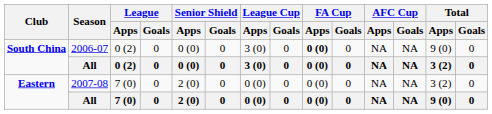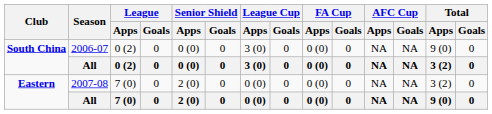 <table class="wikitable" style="text-align: center;">
 <tr>
 <th rowspan="2">Club</th>
 <th rowspan="2">Season</th>
 <th colspan="2"><a href='#'>League</a></th>
 <th colspan="2"><a href='#'>Senior Shield</a></th>
 <th colspan="2"><a href='#'>League Cup</a></th>
 <th colspan="2"><a href='#'>FA Cup</a></th>
 <th colspan="2"><a href='#'>AFC Cup</a></th>
 <th colspan="2">Total</th>
 </tr>
 <tr>
 <th>Apps</th>
 <th>Goals</th>
 <th>Apps</th>
 <th>Goals</th>
 <th>Apps</th>
 <th>Goals</th>
 <th>Apps</th>
 <th>Goals</th>
 <th>Apps</th>
 <th>Goals</th>
 <th>Apps</th>
 <th>Goals</th>
 </tr>
 <tr>
 <td rowspan="2" valign="top"><strong><a href='#'>South China</a></strong></td>
 <td><a href='#'>2006-07</a></td>
 <td>0 (2)</td>
 <td>0</td>
 <td>0 (0)</td>
 <td>0</td>
 <td>3 (0)</td>
 <td>0</td>
-<td><strong>0 (0)</strong></td>
+<td>0 (0)</td>
 <td>0</td>
 <td>NA</td>
 <td>NA</td>
 <td>9 (0)</td>
 <td>0</td>
 </tr>
 <tr>
 <th>All</th>
 <th>0 (2)</th>
 <th>0</th>
 <th>0 (0)</th>
 <th>0</th>
 <th>3 (0)</th>
 <th>0</th>
 <th>0 (0)</th>
 <th>0</th>
 <th>NA</th>
 <th>NA</th>
 <th>3 (2)</th>
 <th>0</th>
 </tr>
 <tr>
 <td rowspan="2" valign="top"><strong><a href='#'>Eastern</a></strong></td>
 <td><a href='#'>2007-08</a></td>
 <td>7 (0)</td>
 <td>0</td>
 <td>2 (0)</td>
 <td>0</td>
 <td>0 (0)</td>
 <td>0</td>
 <td>0 (0)</td>
 <td>0</td>
 <td>NA</td>
 <td>NA</td>
 <td>3 (2)</td>
 <td>0</td>
 </tr>
 <tr>
 <th>All</th>
 <th>7 (0)</th>
 <th>0</th>
 <th>2 (0)</th>
 <th>0</th>
 <th>0 (0)</th>
 <th>0</th>
 <th>0 (0)</th>
 <th>0</th>
 <th>NA</th>
 <th>NA</th>
 <th>9 (0)</th>
 <th>0</th>
 </tr>
 </table>
